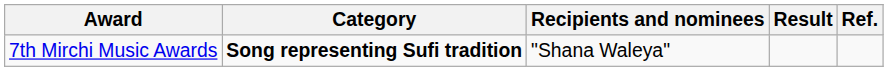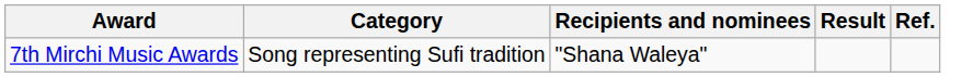 <table class="wikitable sortable">
 <tr>
 <th>Award</th>
 <th>Category</th>
 <th>Recipients and nominees</th>
 <th>Result</th>
 <th>Ref.</th>
 </tr>
 <tr>
 <td rowspan=3><a href='#'>7th Mirchi Music Awards</a></td>
-<td><strong>Song representing Sufi tradition</strong></td>
+<td>Song representing Sufi tradition</td>
 <td>"Shana Waleya"</td>
 <td></td>
 <td></td>
 </tr>
 </table>
